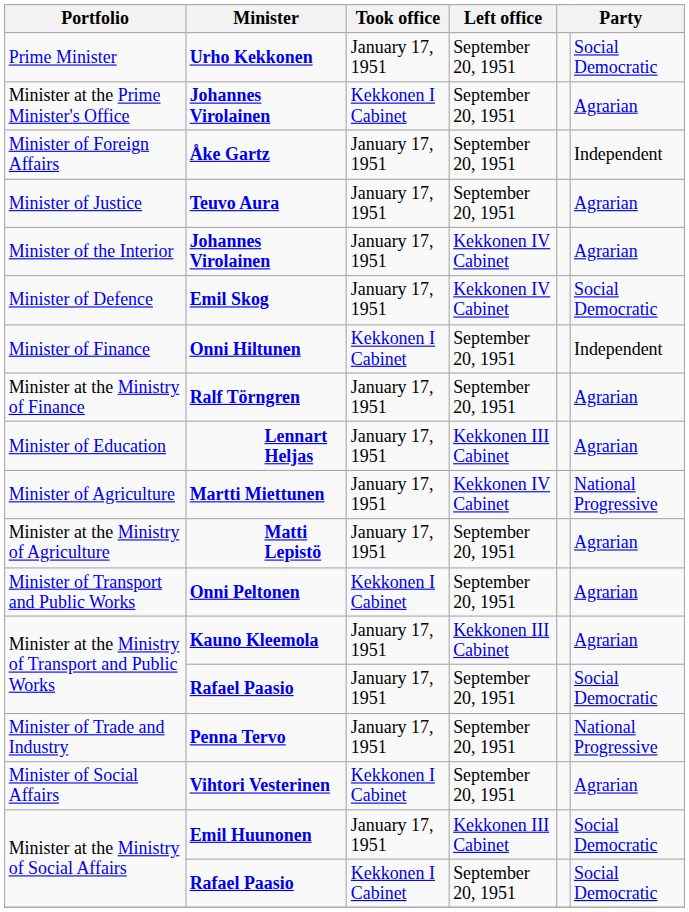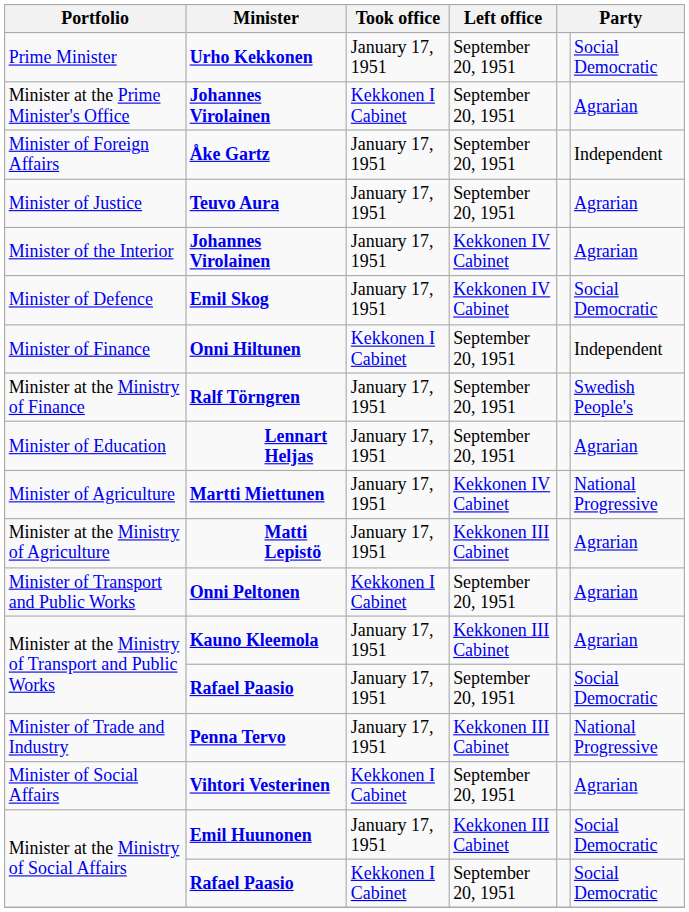 <table class=wikitable>
 <tr>
 <th>Portfolio</th>
 <th>Minister</th>
 <th>Took office</th>
 <th>Left office</th>
 <th colspan ="2">Party</th>
 </tr>
 <tr>
 <td align="left"><a href='#'>Prime Minister</a></td>
 <td align="left"> <strong><a href='#'>Urho Kekkonen</a></strong></td>
 <td>January 17, 1951</td>
 <td>September 20, 1951</td>
 <td style="width: 4px; background: "></td>
 <td><a href='#'>Social Democratic</a></td>
 </tr>
 <tr>
 <td align="left">Minister at the <a href='#'>Prime Minister's Office</a></td>
 <td align="left"> <strong><a href='#'>Johannes Virolainen</a></strong></td>
 <td><a href='#'>Kekkonen I Cabinet</a></td>
 <td>September 20, 1951</td>
 <td style="width: 4px; background: "></td>
 <td><a href='#'>Agrarian</a></td>
 </tr>
 <tr>
 <td align="left"><a href='#'>Minister of  Foreign Affairs</a></td>
 <td align="left"> <strong><a href='#'>Åke Gartz</a></strong></td>
 <td>January 17, 1951</td>
 <td>September 20, 1951</td>
 <td style="width: 4px; background: "></td>
 <td>Independent</td>
 </tr>
 <tr>
 <td align="left"><a href='#'>Minister of Justice</a></td>
 <td align="left"> <strong><a href='#'>Teuvo Aura</a></strong></td>
 <td>January 17, 1951</td>
 <td>September 20, 1951</td>
 <td style="width: 4px; background: "></td>
 <td><a href='#'>Agrarian</a></td>
 </tr>
 <tr>
 <td align="left"><a href='#'>Minister of the Interior</a></td>
 <td align="left"> <strong><a href='#'>Johannes Virolainen</a></strong></td>
 <td>January 17, 1951</td>
 <td><a href='#'>Kekkonen IV Cabinet</a></td>
 <td style="width: 4px; background: "></td>
 <td><a href='#'>Agrarian</a></td>
 </tr>
 <tr>
 <td align="left"><a href='#'>Minister of Defence</a></td>
 <td align="left"> <strong><a href='#'>Emil Skog</a></strong></td>
 <td>January 17, 1951</td>
 <td><a href='#'>Kekkonen IV Cabinet</a></td>
 <td style="width: 4px; background: "></td>
 <td><a href='#'>Social Democratic</a></td>
 </tr>
 <tr>
 <td align="left"><a href='#'>Minister of Finance</a></td>
 <td align="left"> <strong><a href='#'>Onni Hiltunen</a></strong></td>
 <td><a href='#'>Kekkonen I Cabinet</a></td>
 <td>September 20, 1951</td>
 <td style="width: 4px; background: "></td>
 <td>Independent</td>
 </tr>
 <tr>
 <td align="left">Minister at the <a href='#'>Ministry of Finance</a></td>
 <td align="left"> <strong><a href='#'>Ralf Törngren</a></strong></td>
 <td>January 17, 1951</td>
 <td>September 20, 1951</td>
 <td style="width: 4px; background: "></td>
-<td><a href='#'>Agrarian</a></td>
+<td><a href='#'>Swedish People's</a></td>
 </tr>
 <tr>
 <td align="left"><a href='#'>Minister of Education</a></td>
 <td style="padding-left:70px" align="left"><strong><a href='#'>Lennart Heljas</a></strong></td>
 <td>January 17, 1951</td>
-<td><a href='#'>Kekkonen III Cabinet</a></td>
+<td>September 20, 1951</td>
 <td style="width: 4px; background: "></td>
 <td><a href='#'>Agrarian</a></td>
 </tr>
 <tr>
 <td align="left"><a href='#'>Minister of Agriculture</a></td>
 <td align="left"> <strong><a href='#'>Martti Miettunen</a></strong></td>
 <td>January 17, 1951</td>
 <td><a href='#'>Kekkonen IV Cabinet</a></td>
 <td style="width: 4px; background: "></td>
 <td><a href='#'>National Progressive</a></td>
 </tr>
 <tr>
 <td align="left">Minister at the <a href='#'>Ministry of Agriculture</a></td>
 <td style="padding-left:70px" align="left"><strong><a href='#'>Matti Lepistö</a></strong></td>
 <td>January 17, 1951</td>
-<td>September 20, 1951</td>
+<td><a href='#'>Kekkonen III Cabinet</a></td>
 <td style="width: 4px; background: "></td>
 <td><a href='#'>Agrarian</a></td>
 </tr>
 <tr>
 <td align="left"><a href='#'>Minister of Transport and Public Works</a></td>
 <td align="left"> <strong><a href='#'>Onni Peltonen</a></strong></td>
 <td><a href='#'>Kekkonen I Cabinet</a></td>
 <td>September 20, 1951</td>
 <td style="width: 4px; background: "></td>
 <td><a href='#'>Agrarian</a></td>
 </tr>
 <tr>
 <td rowspan="2" align="left">Minister at the <a href='#'>Ministry of Transport and Public Works</a></td>
 <td align="left"> <strong><a href='#'>Kauno Kleemola</a></strong></td>
 <td>January 17, 1951</td>
 <td><a href='#'>Kekkonen III Cabinet</a></td>
 <td style="width: 4px; background: "></td>
 <td><a href='#'>Agrarian</a></td>
 </tr>
 <tr>
 <td align="left"> <strong><a href='#'>Rafael Paasio</a></strong></td>
 <td>January 17, 1951</td>
 <td>September 20, 1951</td>
 <td style="width: 4px; background: "></td>
 <td><a href='#'>Social Democratic</a></td>
 </tr>
 <tr>
 <td align="left"><a href='#'>Minister of Trade and Industry</a></td>
 <td align="left"> <strong><a href='#'>Penna Tervo</a></strong></td>
 <td>January 17, 1951</td>
-<td>September 20, 1951</td>
+<td><a href='#'>Kekkonen III Cabinet</a></td>
 <td style="width: 4px; background: "></td>
 <td><a href='#'>National Progressive</a></td>
 </tr>
 <tr>
 <td align="left"><a href='#'>Minister of Social Affairs</a></td>
 <td align="left"> <strong><a href='#'>Vihtori Vesterinen</a></strong></td>
 <td><a href='#'>Kekkonen I Cabinet</a></td>
 <td>September 20, 1951</td>
 <td style="width: 4px; background: "></td>
 <td><a href='#'>Agrarian</a></td>
 </tr>
 <tr>
 <td rowspan="2" align="left">Minister at the <a href='#'>Ministry of Social Affairs</a></td>
 <td align="left"> <strong><a href='#'>Emil Huunonen</a></strong></td>
 <td>January 17, 1951</td>
 <td><a href='#'>Kekkonen III Cabinet</a></td>
 <td style="width: 4px; background: "></td>
 <td><a href='#'>Social Democratic</a></td>
 </tr>
 <tr>
 <td align="left"> <strong><a href='#'>Rafael Paasio</a></strong></td>
 <td><a href='#'>Kekkonen I Cabinet</a></td>
 <td>September 20, 1951</td>
 <td style="width: 4px; background: "></td>
 <td><a href='#'>Social Democratic</a></td>
 </tr>
 <tr>
 </tr>
 </table>
